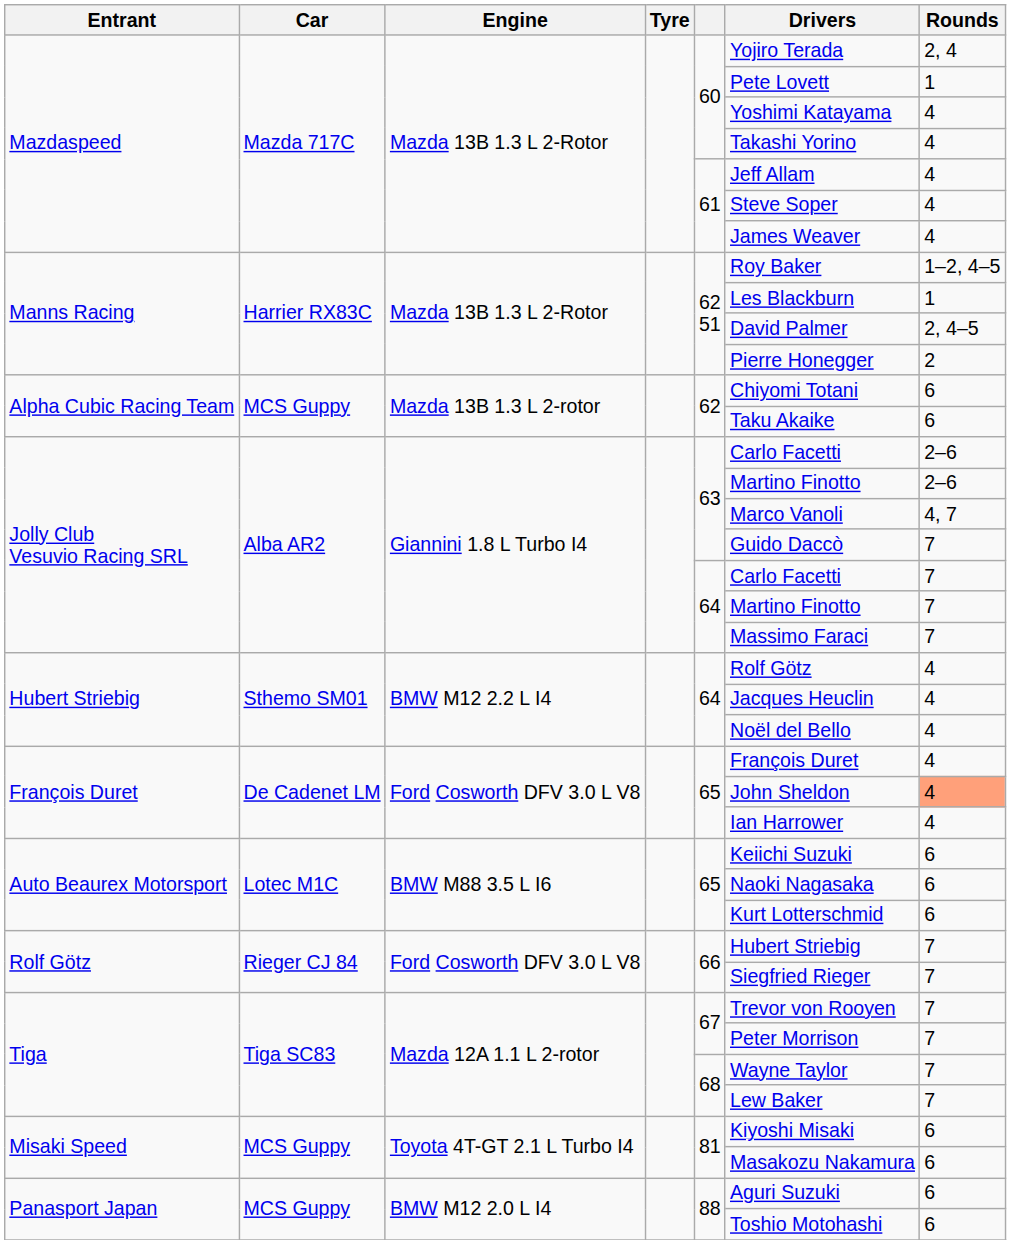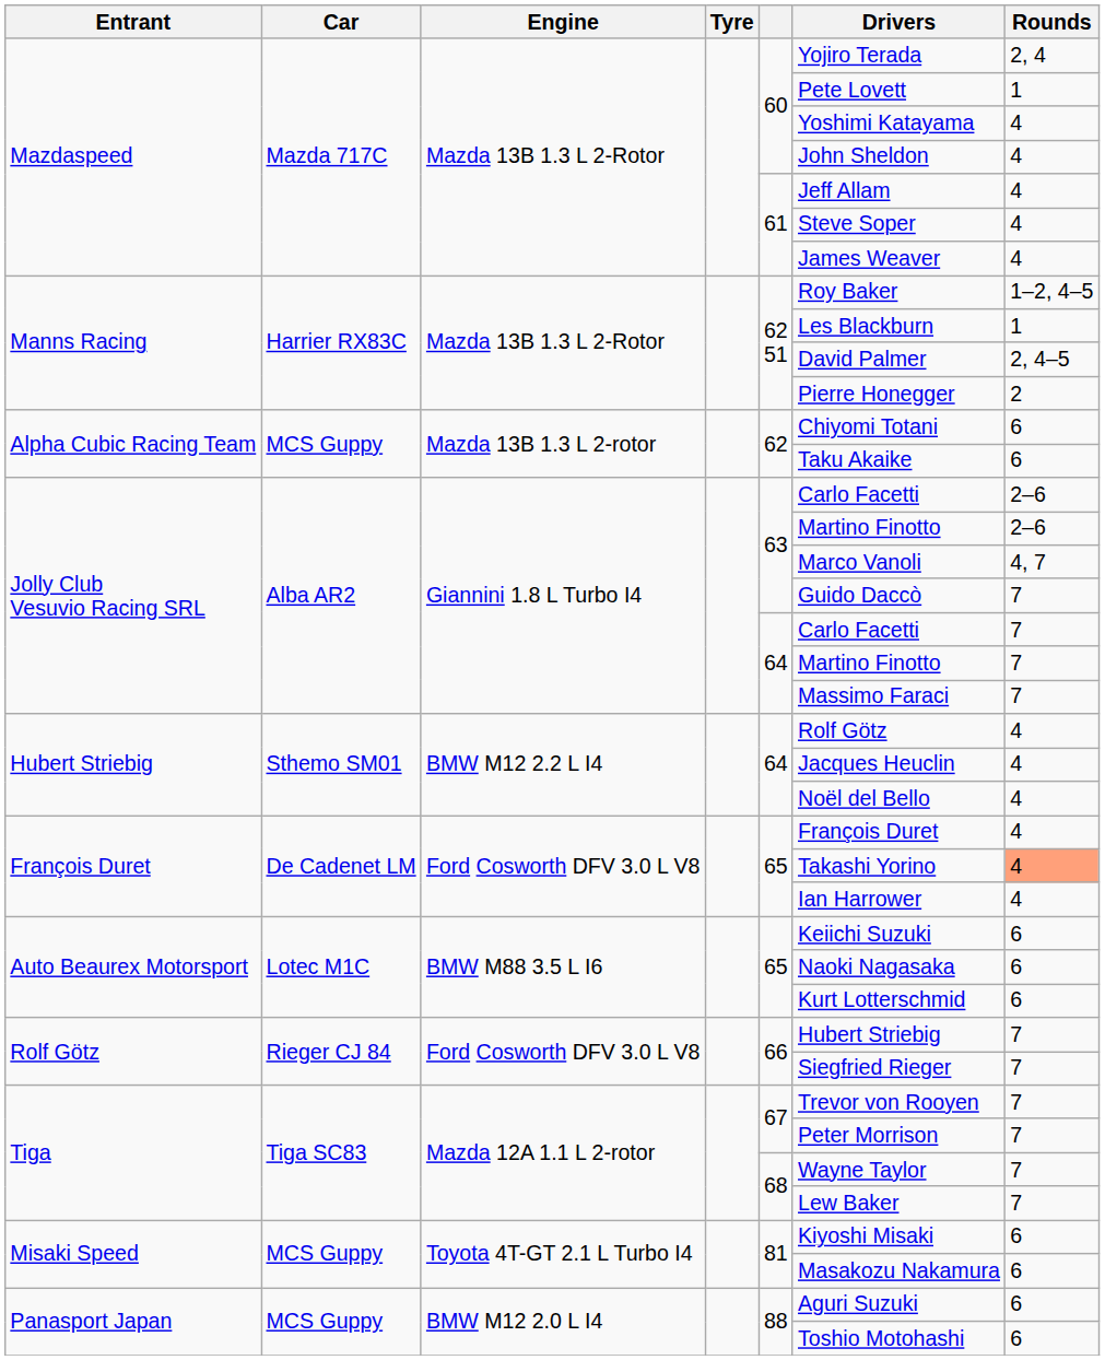 <table class="wikitable" style="font-size: 85%">
 <tr>
 <th>Entrant</th>
 <th>Car</th>
 <th>Engine</th>
 <th>Tyre</th>
 <th></th>
 <th>Drivers</th>
 <th>Rounds</th>
 </tr>
 <tr>
 <td rowspan=7> <a href='#'>Mazdaspeed</a></td>
 <td rowspan=7><a href='#'>Mazda 717C</a></td>
 <td rowspan=7><a href='#'>Mazda</a> 13B 1.3 L 2-Rotor</td>
 <td rowspan=7></td>
 <td rowspan=4>60</td>
 <td> <a href='#'>Yojiro Terada</a></td>
 <td>2, 4</td>
 </tr>
 <tr>
 <td> <a href='#'>Pete Lovett</a></td>
 <td>1</td>
 </tr>
 <tr>
 <td> <a href='#'>Yoshimi Katayama</a></td>
 <td>4</td>
 </tr>
 <tr>
-<td> <a href='#'>Takashi Yorino</a></td>
+<td> <a href='#'>John Sheldon</a></td>
 <td>4</td>
 </tr>
 <tr>
 <td rowspan=3>61</td>
 <td> <a href='#'>Jeff Allam</a></td>
 <td>4</td>
 </tr>
 <tr>
 <td> <a href='#'>Steve Soper</a></td>
 <td>4</td>
 </tr>
 <tr>
 <td> <a href='#'>James Weaver</a></td>
 <td>4</td>
 </tr>
 <tr>
 <td rowspan=4> <a href='#'>Manns Racing</a></td>
 <td rowspan=4><a href='#'>Harrier RX83C</a></td>
 <td rowspan=4><a href='#'>Mazda</a> 13B 1.3 L 2-Rotor</td>
 <td rowspan=4></td>
 <td rowspan=4>62<br>51</td>
 <td> <a href='#'>Roy Baker</a></td>
 <td>1–2, 4–5</td>
 </tr>
 <tr>
 <td> <a href='#'>Les Blackburn</a></td>
 <td>1</td>
 </tr>
 <tr>
 <td> <a href='#'>David Palmer</a></td>
 <td>2, 4–5</td>
 </tr>
 <tr>
 <td> <a href='#'>Pierre Honegger</a></td>
 <td>2</td>
 </tr>
 <tr>
 <td rowspan=2> <a href='#'>Alpha Cubic Racing Team</a></td>
 <td rowspan=2><a href='#'>MCS Guppy</a></td>
 <td rowspan=2><a href='#'>Mazda</a> 13B 1.3 L 2-rotor</td>
 <td rowspan=2></td>
 <td rowspan=2>62</td>
 <td> <a href='#'>Chiyomi Totani</a></td>
 <td>6</td>
 </tr>
 <tr>
 <td> <a href='#'>Taku Akaike</a></td>
 <td>6</td>
 </tr>
 <tr>
 <td rowspan=7> <a href='#'>Jolly Club</a><br> <a href='#'>Vesuvio Racing SRL</a></td>
 <td rowspan=7><a href='#'>Alba AR2</a></td>
 <td rowspan=7><a href='#'>Giannini</a> 1.8 L Turbo I4</td>
 <td rowspan=7></td>
 <td rowspan=4>63</td>
 <td> <a href='#'>Carlo Facetti</a></td>
 <td>2–6</td>
 </tr>
 <tr>
 <td> <a href='#'>Martino Finotto</a></td>
 <td>2–6</td>
 </tr>
 <tr>
 <td> <a href='#'>Marco Vanoli</a></td>
 <td>4, 7</td>
 </tr>
 <tr>
 <td> <a href='#'>Guido Daccò</a></td>
 <td>7</td>
 </tr>
 <tr>
 <td rowspan=3>64</td>
 <td> <a href='#'>Carlo Facetti</a></td>
 <td>7</td>
 </tr>
 <tr>
 <td> <a href='#'>Martino Finotto</a></td>
 <td>7</td>
 </tr>
 <tr>
 <td> <a href='#'>Massimo Faraci</a></td>
 <td>7</td>
 </tr>
 <tr>
 <td rowspan=3> <a href='#'>Hubert Striebig</a></td>
 <td rowspan=3><a href='#'>Sthemo SM01</a></td>
 <td rowspan=3><a href='#'>BMW</a> M12 2.2 L I4</td>
 <td rowspan=3></td>
 <td rowspan=3>64</td>
 <td> <a href='#'>Rolf Götz</a></td>
 <td>4</td>
 </tr>
 <tr>
 <td> <a href='#'>Jacques Heuclin</a></td>
 <td>4</td>
 </tr>
 <tr>
 <td> <a href='#'>Noël del Bello</a></td>
 <td>4</td>
 </tr>
 <tr>
 <td rowspan=3> <a href='#'>François Duret</a></td>
 <td rowspan=3><a href='#'>De Cadenet LM</a></td>
 <td rowspan=3><a href='#'>Ford</a> <a href='#'>Cosworth</a> DFV 3.0 L V8</td>
 <td rowspan=3></td>
 <td rowspan=3>65</td>
 <td> <a href='#'>François Duret</a></td>
 <td>4</td>
 </tr>
 <tr>
-<td> <a href='#'>John Sheldon</a></td>
+<td> <a href='#'>Takashi Yorino</a></td>
 <td style="background: lightsalmon;">4</td>
 </tr>
 <tr>
 <td> <a href='#'>Ian Harrower</a></td>
 <td>4</td>
 </tr>
 <tr>
 <td rowspan=3> <a href='#'>Auto Beaurex Motorsport</a></td>
 <td rowspan=3><a href='#'>Lotec M1C</a></td>
 <td rowspan=3><a href='#'>BMW</a> M88 3.5 L I6</td>
 <td rowspan=3></td>
 <td rowspan=3>65</td>
 <td> <a href='#'>Keiichi Suzuki</a></td>
 <td>6</td>
 </tr>
 <tr>
 <td> <a href='#'>Naoki Nagasaka</a></td>
 <td>6</td>
 </tr>
 <tr>
 <td> <a href='#'>Kurt Lotterschmid</a></td>
 <td>6</td>
 </tr>
 <tr>
 <td rowspan=2> <a href='#'>Rolf Götz</a></td>
 <td rowspan=2><a href='#'>Rieger CJ 84</a></td>
 <td rowspan=2><a href='#'>Ford</a> <a href='#'>Cosworth</a> DFV 3.0 L V8</td>
 <td rowspan=2></td>
 <td rowspan=2>66</td>
 <td> <a href='#'>Hubert Striebig</a></td>
 <td>7</td>
 </tr>
 <tr>
 <td> <a href='#'>Siegfried Rieger</a></td>
 <td>7</td>
 </tr>
 <tr>
 <td rowspan=4> <a href='#'>Tiga</a></td>
 <td rowspan=4><a href='#'>Tiga SC83</a></td>
 <td rowspan=4><a href='#'>Mazda</a> 12A 1.1 L 2-rotor</td>
 <td rowspan=4></td>
 <td rowspan=2>67</td>
 <td> <a href='#'>Trevor von Rooyen</a></td>
 <td>7</td>
 </tr>
 <tr>
 <td> <a href='#'>Peter Morrison</a></td>
 <td>7</td>
 </tr>
 <tr>
 <td rowspan=2>68</td>
 <td> <a href='#'>Wayne Taylor</a></td>
 <td>7</td>
 </tr>
 <tr>
 <td> <a href='#'>Lew Baker</a></td>
 <td>7</td>
 </tr>
 <tr>
 <td rowspan=2> <a href='#'>Misaki Speed</a></td>
 <td rowspan=2><a href='#'>MCS Guppy</a></td>
 <td rowspan=2><a href='#'>Toyota</a> 4T-GT 2.1 L Turbo I4</td>
 <td rowspan=2></td>
 <td rowspan=2>81</td>
 <td> <a href='#'>Kiyoshi Misaki</a></td>
 <td>6</td>
 </tr>
 <tr>
 <td> <a href='#'>Masakozu Nakamura</a></td>
 <td>6</td>
 </tr>
 <tr>
 <td rowspan=2> <a href='#'>Panasport Japan</a></td>
 <td rowspan=2><a href='#'>MCS Guppy</a></td>
 <td rowspan=2><a href='#'>BMW</a> M12 2.0 L I4</td>
 <td rowspan=2></td>
 <td rowspan=2>88</td>
 <td> <a href='#'>Aguri Suzuki</a></td>
 <td>6</td>
 </tr>
 <tr>
 <td> <a href='#'>Toshio Motohashi</a></td>
 <td>6</td>
 </tr>
 <tr>
 </tr>
 </table>
